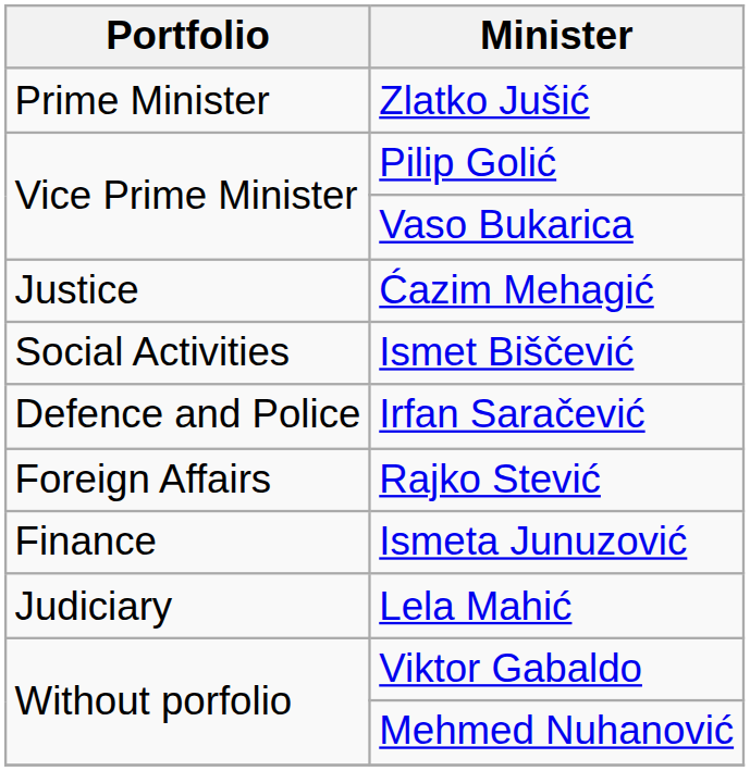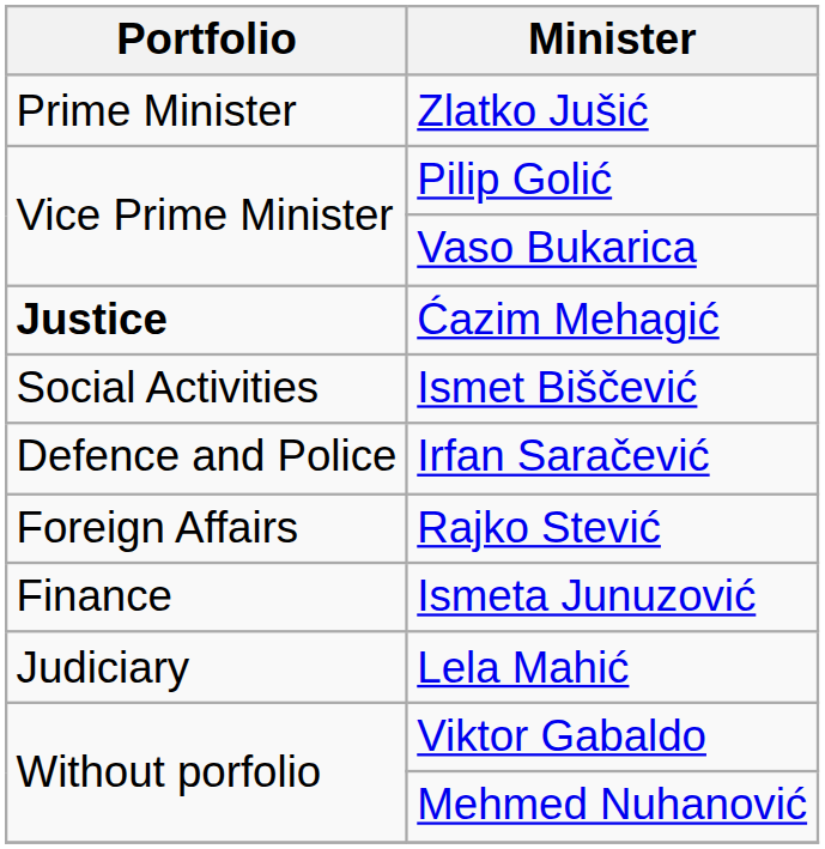 <table class="wikitable">
 <tr>
 <th style="text-align: center;">Portfolio</th>
 <th colspan="2" style="text-align: center;">Minister</th>
 </tr>
 <tr>
 <td>Prime Minister</td>
 <td><a href='#'>Zlatko Jušić</a></td>
 </tr>
 <tr>
 <td rowspan=2>Vice Prime Minister</td>
 <td><a href='#'>Pilip Golić</a></td>
 </tr>
 <tr>
 <td><a href='#'>Vaso Bukarica</a></td>
 </tr>
 <tr>
-<td>Justice</td>
+<td><strong>Justice</strong></td>
 <td><a href='#'>Ćazim Mehagić</a></td>
 </tr>
 <tr>
 <td>Social Activities</td>
 <td><a href='#'>Ismet Biščević</a></td>
 </tr>
 <tr>
 <td>Defence and Police</td>
 <td><a href='#'>Irfan Saračević</a></td>
 </tr>
 <tr>
 <td>Foreign Affairs</td>
 <td><a href='#'>Rajko Stević</a></td>
 </tr>
 <tr>
 <td>Finance</td>
 <td><a href='#'>Ismeta Junuzović</a></td>
 </tr>
 <tr>
 <td>Judiciary</td>
 <td><a href='#'>Lela Mahić</a></td>
 </tr>
 <tr>
 <td rowspan=2>Without porfolio</td>
 <td><a href='#'>Viktor Gabaldo</a></td>
 </tr>
 <tr>
 <td><a href='#'>Mehmed Nuhanović</a></td>
 </tr>
 <tr>
 </tr>
 </table>
